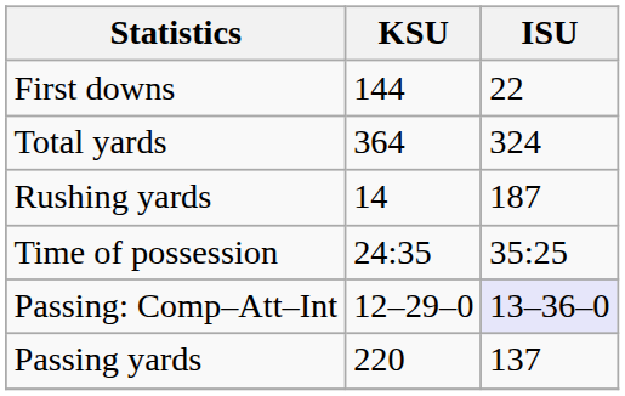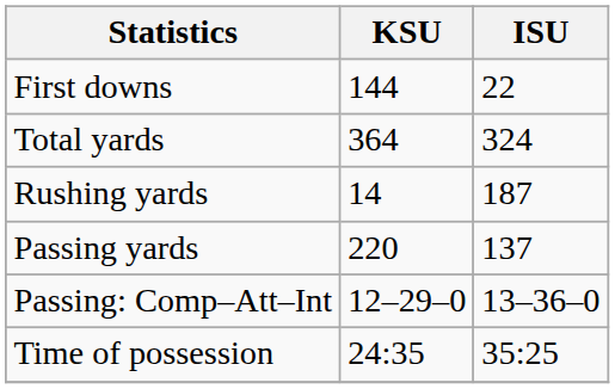 <table class="wikitable" style="float: left;">
 <tr>
 <th>Statistics</th>
 <th>KSU</th>
 <th>ISU</th>
 </tr>
 <tr>
 <td>First downs</td>
 <td>144</td>
 <td>22</td>
 </tr>
 <tr>
 <td>Total yards</td>
 <td>364</td>
 <td>324</td>
 </tr>
 <tr>
 <td>Rushing yards</td>
 <td>14</td>
 <td>187</td>
 </tr>
 <tr>
+<td>Passing yards</td>
+<td>220</td>
+<td>137</td>
+</tr>
+<tr>
+<td>Passing: Comp–Att–Int</td>
+<td>12–29–0</td>
+<td>13–36–0</td>
+</tr>
+<tr>
 <td>Time of possession</td>
 <td>24:35</td>
 <td>35:25</td>
 </tr>
 <tr>
-<td>Passing: Comp–Att–Int</td>
-<td>12–29–0</td>
-<td style="background: lavender;">13–36–0</td>
-</tr>
-<tr>
-<td>Passing yards</td>
-<td>220</td>
-<td>137</td>
-</tr>
-<tr>
 </tr>
 </table>
